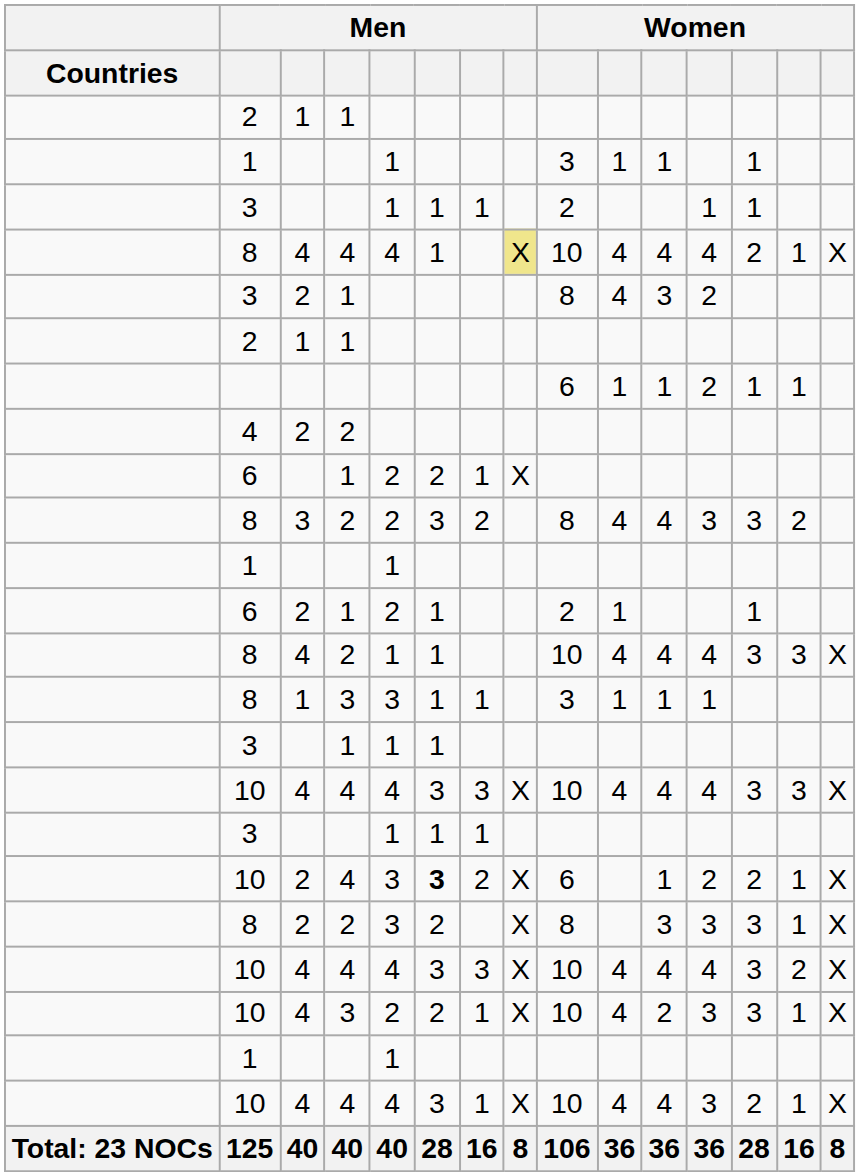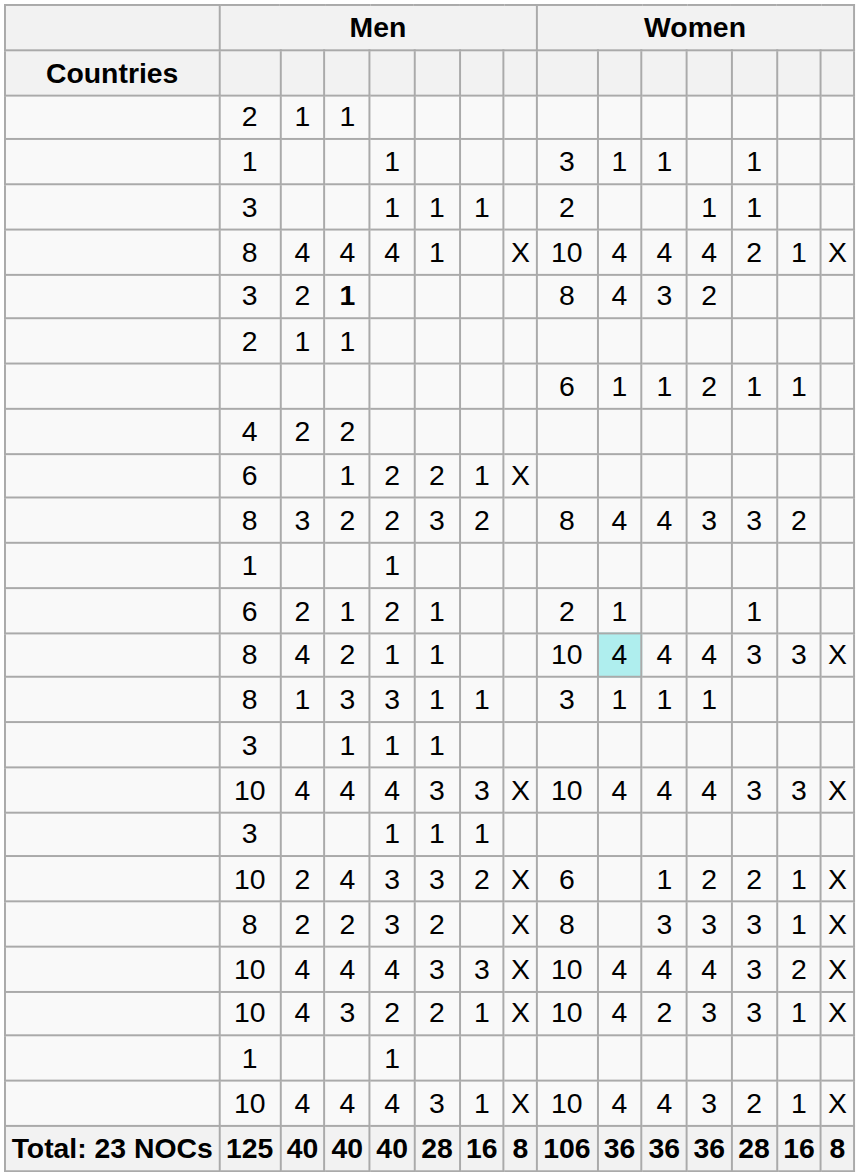 <table class="wikitable sortable" style="font-size:90%">
 <tr>
 <th></th>
 <th colspan="7">Men</th>
 <th colspan="7">Women</th>
 </tr>
 <tr>
 <th>Countries</th>
 <th></th>
 <th></th>
 <th></th>
 <th></th>
 <th></th>
 <th></th>
 <th></th>
 <th></th>
 <th></th>
 <th></th>
 <th></th>
 <th></th>
 <th></th>
 <th></th>
 </tr>
 <tr>
 <td></td>
 <td align=center>2</td>
 <td align=center>1</td>
 <td align=center>1</td>
 <td></td>
 <td></td>
 <td></td>
 <td></td>
 <td></td>
 <td></td>
 <td></td>
 <td></td>
 <td></td>
 <td></td>
 <td></td>
 </tr>
 <tr>
 <td></td>
 <td align=center>1</td>
 <td></td>
 <td></td>
 <td align=center>1</td>
 <td></td>
 <td></td>
 <td></td>
 <td align=center>3</td>
 <td align=center>1</td>
 <td align=center>1</td>
 <td></td>
 <td align=center>1</td>
 <td></td>
 <td></td>
 </tr>
 <tr>
 <td></td>
 <td align=center>3</td>
 <td></td>
 <td></td>
 <td align=center>1</td>
 <td align=center>1</td>
 <td align=center>1</td>
 <td></td>
 <td align=center>2</td>
 <td></td>
 <td></td>
 <td align=center>1</td>
 <td align=center>1</td>
 <td></td>
 <td></td>
 </tr>
 <tr>
 <td></td>
 <td align=center>8</td>
 <td align=center>4</td>
 <td align=center>4</td>
 <td align=center>4</td>
 <td align=center>1</td>
 <td></td>
-<td align=center style="background: khaki;">X</td>
+<td align=center>X</td>
 <td align=center>10</td>
 <td align=center>4</td>
 <td align=center>4</td>
 <td align=center>4</td>
 <td align=center>2</td>
 <td align=center>1</td>
 <td align=center>X</td>
 </tr>
 <tr>
 <td></td>
 <td align=center>3</td>
 <td align=center>2</td>
-<td align=center>1</td>
+<td align=center><strong>1</strong></td>
 <td></td>
 <td></td>
 <td></td>
 <td></td>
 <td align=center>8</td>
 <td align=center>4</td>
 <td align=center>3</td>
 <td align=center>2</td>
 <td></td>
 <td></td>
 <td></td>
 </tr>
 <tr>
 <td></td>
 <td align=center>2</td>
 <td align=center>1</td>
 <td align=center>1</td>
 <td></td>
 <td></td>
 <td></td>
 <td></td>
 <td></td>
 <td></td>
 <td></td>
 <td></td>
 <td></td>
 <td></td>
 <td></td>
 </tr>
 <tr>
 <td></td>
 <td></td>
 <td></td>
 <td></td>
 <td></td>
 <td></td>
 <td></td>
 <td></td>
 <td align=center>6</td>
 <td align=center>1</td>
 <td align=center>1</td>
 <td align=center>2</td>
 <td align=center>1</td>
 <td align=center>1</td>
 <td></td>
 </tr>
 <tr>
 <td></td>
 <td align=center>4</td>
 <td align=center>2</td>
 <td align=center>2</td>
 <td></td>
 <td></td>
 <td></td>
 <td></td>
 <td></td>
 <td></td>
 <td></td>
 <td></td>
 <td></td>
 <td></td>
 <td></td>
 </tr>
 <tr>
 <td></td>
 <td align=center>6</td>
 <td></td>
 <td align=center>1</td>
 <td align=center>2</td>
 <td align=center>2</td>
 <td align=center>1</td>
 <td align=center>X</td>
 <td></td>
 <td></td>
 <td></td>
 <td></td>
 <td></td>
 <td></td>
 <td></td>
 </tr>
 <tr>
 <td></td>
 <td align=center>8</td>
 <td align=center>3</td>
 <td align=center>2</td>
 <td align=center>2</td>
 <td align=center>3</td>
 <td align=center>2</td>
 <td></td>
 <td align=center>8</td>
 <td align=center>4</td>
 <td align=center>4</td>
 <td align=center>3</td>
 <td align=center>3</td>
 <td align=center>2</td>
 <td></td>
 </tr>
 <tr>
 <td></td>
 <td align=center>1</td>
 <td></td>
 <td></td>
 <td align=center>1</td>
 <td></td>
 <td></td>
 <td></td>
 <td></td>
 <td></td>
 <td></td>
 <td></td>
 <td></td>
 <td></td>
 <td></td>
 </tr>
 <tr>
 <td></td>
 <td align=center>6</td>
 <td align=center>2</td>
 <td align=center>1</td>
 <td align=center>2</td>
 <td align=center>1</td>
 <td></td>
 <td></td>
 <td align=center>2</td>
 <td align=center>1</td>
 <td></td>
 <td></td>
 <td align=center>1</td>
 <td></td>
 <td></td>
 </tr>
 <tr>
 <td></td>
 <td align=center>8</td>
 <td align=center>4</td>
 <td align=center>2</td>
 <td align=center>1</td>
 <td align=center>1</td>
 <td></td>
 <td></td>
 <td align=center>10</td>
-<td align=center>4</td>
+<td align=center style="background: paleturquoise;">4</td>
 <td align=center>4</td>
 <td align=center>4</td>
 <td align=center>3</td>
 <td align=center>3</td>
 <td align=center>X</td>
 </tr>
 <tr>
 <td></td>
 <td align=center>8</td>
 <td align=center>1</td>
 <td align=center>3</td>
 <td align=center>3</td>
 <td align=center>1</td>
 <td align=center>1</td>
 <td></td>
 <td align=center>3</td>
 <td align=center>1</td>
 <td align=center>1</td>
 <td align=center>1</td>
 <td></td>
 <td></td>
 <td></td>
 </tr>
 <tr>
 <td></td>
 <td align=center>3</td>
 <td></td>
 <td align=center>1</td>
 <td align=center>1</td>
 <td align=center>1</td>
 <td></td>
 <td></td>
 <td></td>
 <td></td>
 <td></td>
 <td></td>
 <td></td>
 <td></td>
 <td></td>
 </tr>
 <tr>
 <td></td>
 <td align=center>10</td>
 <td align=center>4</td>
 <td align=center>4</td>
 <td align=center>4</td>
 <td align=center>3</td>
 <td align=center>3</td>
 <td align=center>X</td>
 <td align=center>10</td>
 <td align=center>4</td>
 <td align=center>4</td>
 <td align=center>4</td>
 <td align=center>3</td>
 <td align=center>3</td>
 <td align=center>X</td>
 </tr>
 <tr>
 <td></td>
 <td align=center>3</td>
 <td></td>
 <td></td>
 <td align=center>1</td>
 <td align=center>1</td>
 <td align=center>1</td>
 <td></td>
 <td></td>
 <td></td>
 <td></td>
 <td></td>
 <td></td>
 <td></td>
 <td></td>
 </tr>
 <tr>
 <td></td>
 <td align=center>10</td>
 <td align=center>2</td>
 <td align=center>4</td>
 <td align=center>3</td>
-<td align=center><strong>3</strong></td>
+<td align=center>3</td>
 <td align=center>2</td>
 <td align=center>X</td>
 <td align=center>6</td>
 <td></td>
 <td align=center>1</td>
 <td align=center>2</td>
 <td align=center>2</td>
 <td align=center>1</td>
 <td align=center>X</td>
 </tr>
 <tr>
 <td></td>
 <td align=center>8</td>
 <td align=center>2</td>
 <td align=center>2</td>
 <td align=center>3</td>
 <td align=center>2</td>
 <td></td>
 <td align=center>X</td>
 <td align=center>8</td>
 <td></td>
 <td align=center>3</td>
 <td align=center>3</td>
 <td align=center>3</td>
 <td align=center>1</td>
 <td align=center>X</td>
 </tr>
 <tr>
 <td></td>
 <td align=center>10</td>
 <td align=center>4</td>
 <td align=center>4</td>
 <td align=center>4</td>
 <td align=center>3</td>
 <td align=center>3</td>
 <td align=center>X</td>
 <td align=center>10</td>
 <td align=center>4</td>
 <td align=center>4</td>
 <td align=center>4</td>
 <td align=center>3</td>
 <td align=center>2</td>
 <td align=center>X</td>
 </tr>
 <tr>
 <td></td>
 <td align=center>10</td>
 <td align=center>4</td>
 <td align=center>3</td>
 <td align=center>2</td>
 <td align=center>2</td>
 <td align=center>1</td>
 <td align=center>X</td>
 <td align=center>10</td>
 <td align=center>4</td>
 <td align=center>2</td>
 <td align=center>3</td>
 <td align=center>3</td>
 <td align=center>1</td>
 <td align=center>X</td>
 </tr>
 <tr>
 <td></td>
 <td align=center>1</td>
 <td></td>
 <td></td>
 <td align=center>1</td>
 <td></td>
 <td></td>
 <td></td>
 <td></td>
 <td></td>
 <td></td>
 <td></td>
 <td></td>
 <td></td>
 <td></td>
 </tr>
 <tr>
 <td></td>
 <td align=center>10</td>
 <td align=center>4</td>
 <td align=center>4</td>
 <td align=center>4</td>
 <td align=center>3</td>
 <td align=center>1</td>
 <td align=center>X</td>
 <td align=center>10</td>
 <td align=center>4</td>
 <td align=center>4</td>
 <td align=center>3</td>
 <td align=center>2</td>
 <td align=center>1</td>
 <td align=center>X</td>
 </tr>
 <tr>
 <th>Total: 23 NOCs</th>
 <th>125</th>
 <th>40</th>
 <th>40</th>
 <th>40</th>
 <th>28</th>
 <th>16</th>
 <th>8</th>
 <th>106</th>
 <th>36</th>
 <th>36</th>
 <th>36</th>
 <th>28</th>
 <th>16</th>
 <th>8</th>
 </tr>
 </table>
